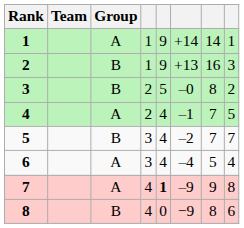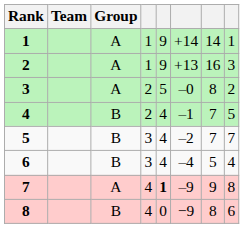 <table class="wikitable sortable" style="text-align:center;">
 <tr>
 <th>Rank</th>
 <th>Team</th>
 <th>Group</th>
 <th></th>
 <th></th>
 <th></th>
 <th></th>
 <th></th>
 </tr>
 <tr bgcolor=#BBF3BB>
 <td><strong>1</strong></td>
 <td align=left></td>
 <td>A</td>
 <td>1</td>
 <td>9</td>
 <td>+14</td>
 <td>14</td>
 <td>1</td>
 </tr>
 <tr bgcolor=#BBF3BB>
 <td><strong>2</strong></td>
 <td align=left></td>
-<td>B</td>
+<td>A</td>
 <td>1</td>
 <td>9</td>
 <td>+13</td>
 <td>16</td>
 <td>3</td>
 </tr>
 <tr bgcolor=#BBF3BB>
 <td><strong>3</strong></td>
 <td align=left></td>
-<td>B</td>
+<td>A</td>
 <td>2</td>
 <td>5</td>
 <td>–0</td>
 <td>8</td>
 <td>2</td>
 </tr>
 <tr bgcolor=#BBF3BB>
 <td><strong>4</strong></td>
 <td align=left></td>
-<td>A</td>
+<td>B</td>
 <td>2</td>
 <td>4</td>
 <td>–1</td>
 <td>7</td>
 <td>5</td>
 </tr>
 <tr>
 <td><strong>5</strong></td>
 <td align=left></td>
 <td>B</td>
 <td>3</td>
 <td>4</td>
 <td>–2</td>
 <td>7</td>
 <td>7</td>
 </tr>
 <tr>
 <td><strong>6</strong></td>
 <td align=left></td>
-<td>A</td>
+<td>B</td>
 <td>3</td>
 <td>4</td>
 <td>–4</td>
 <td>5</td>
 <td>4</td>
 </tr>
 <tr bgcolor=#FFCCCC>
 <td><strong>7</strong></td>
 <td align=left></td>
 <td>A</td>
 <td>4</td>
 <td><strong>1</strong></td>
 <td>–9</td>
 <td>9</td>
 <td>8</td>
 </tr>
 <tr bgcolor=#FFCCCC>
 <td><strong>8</strong></td>
 <td align=left></td>
 <td>B</td>
 <td>4</td>
 <td>0</td>
 <td>−9</td>
 <td>8</td>
 <td>6</td>
 </tr>
 </table>
